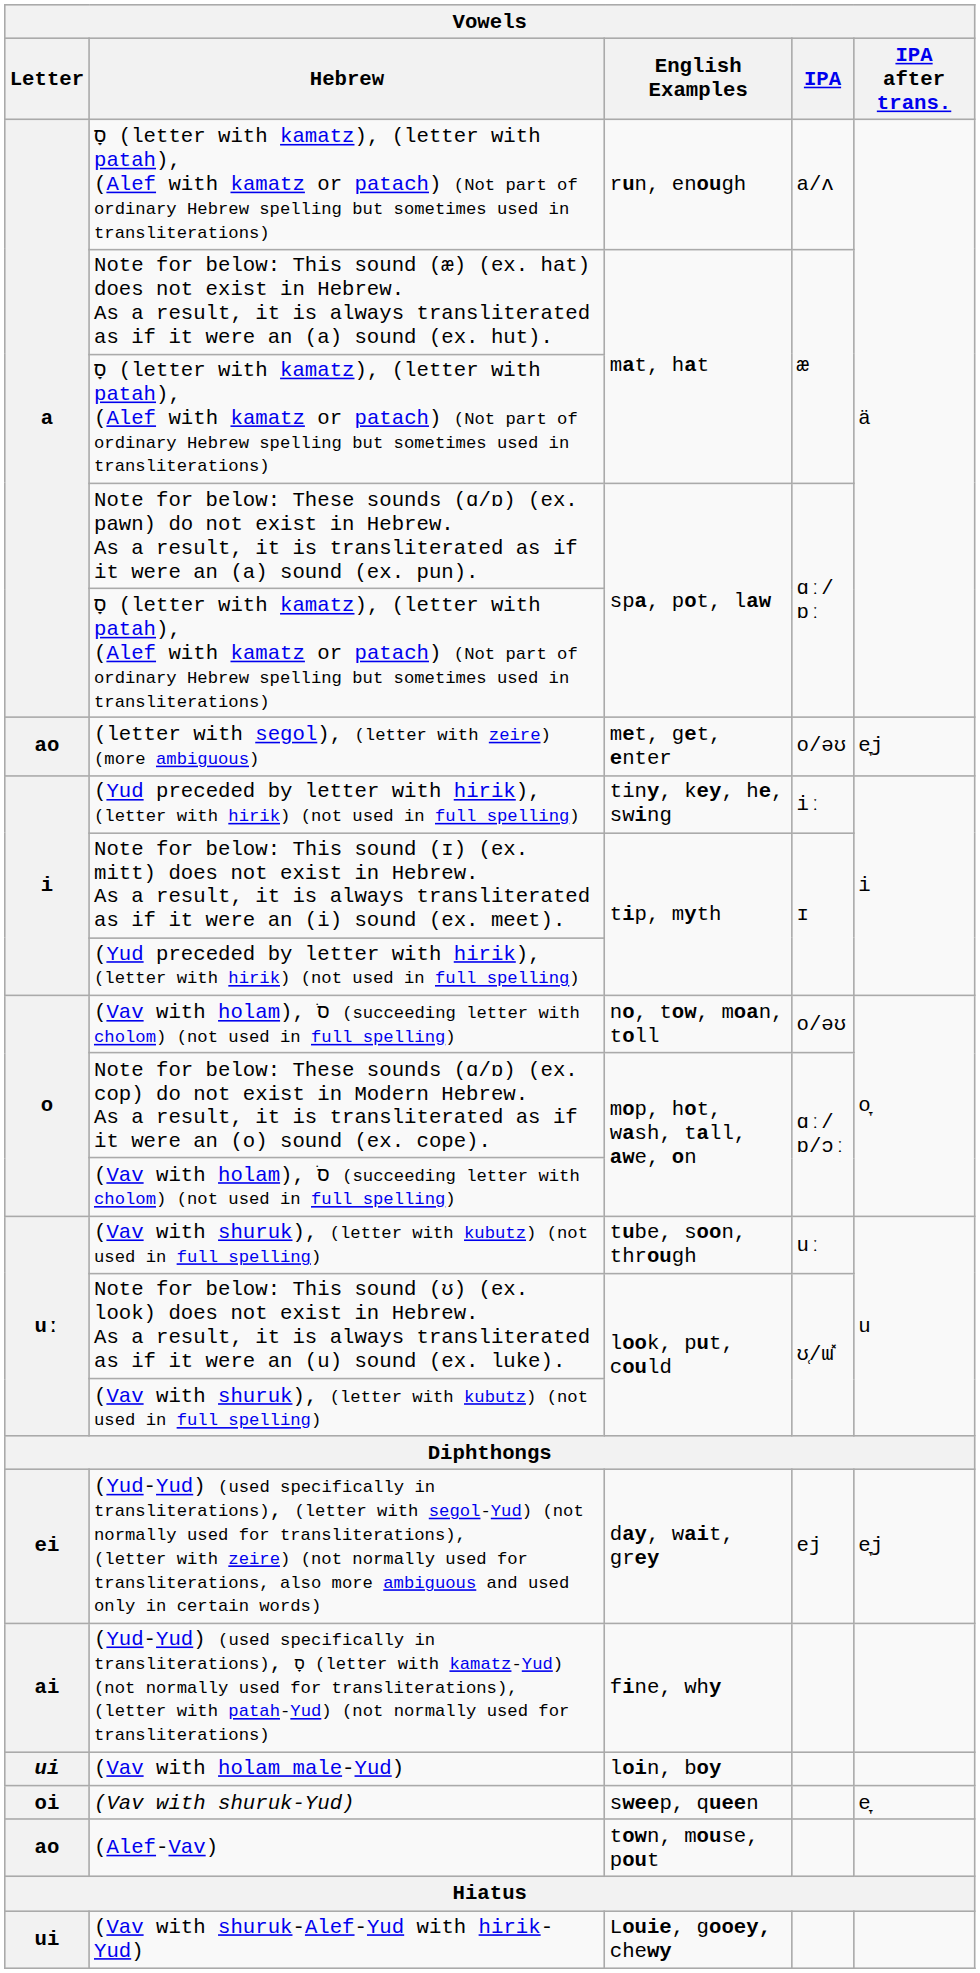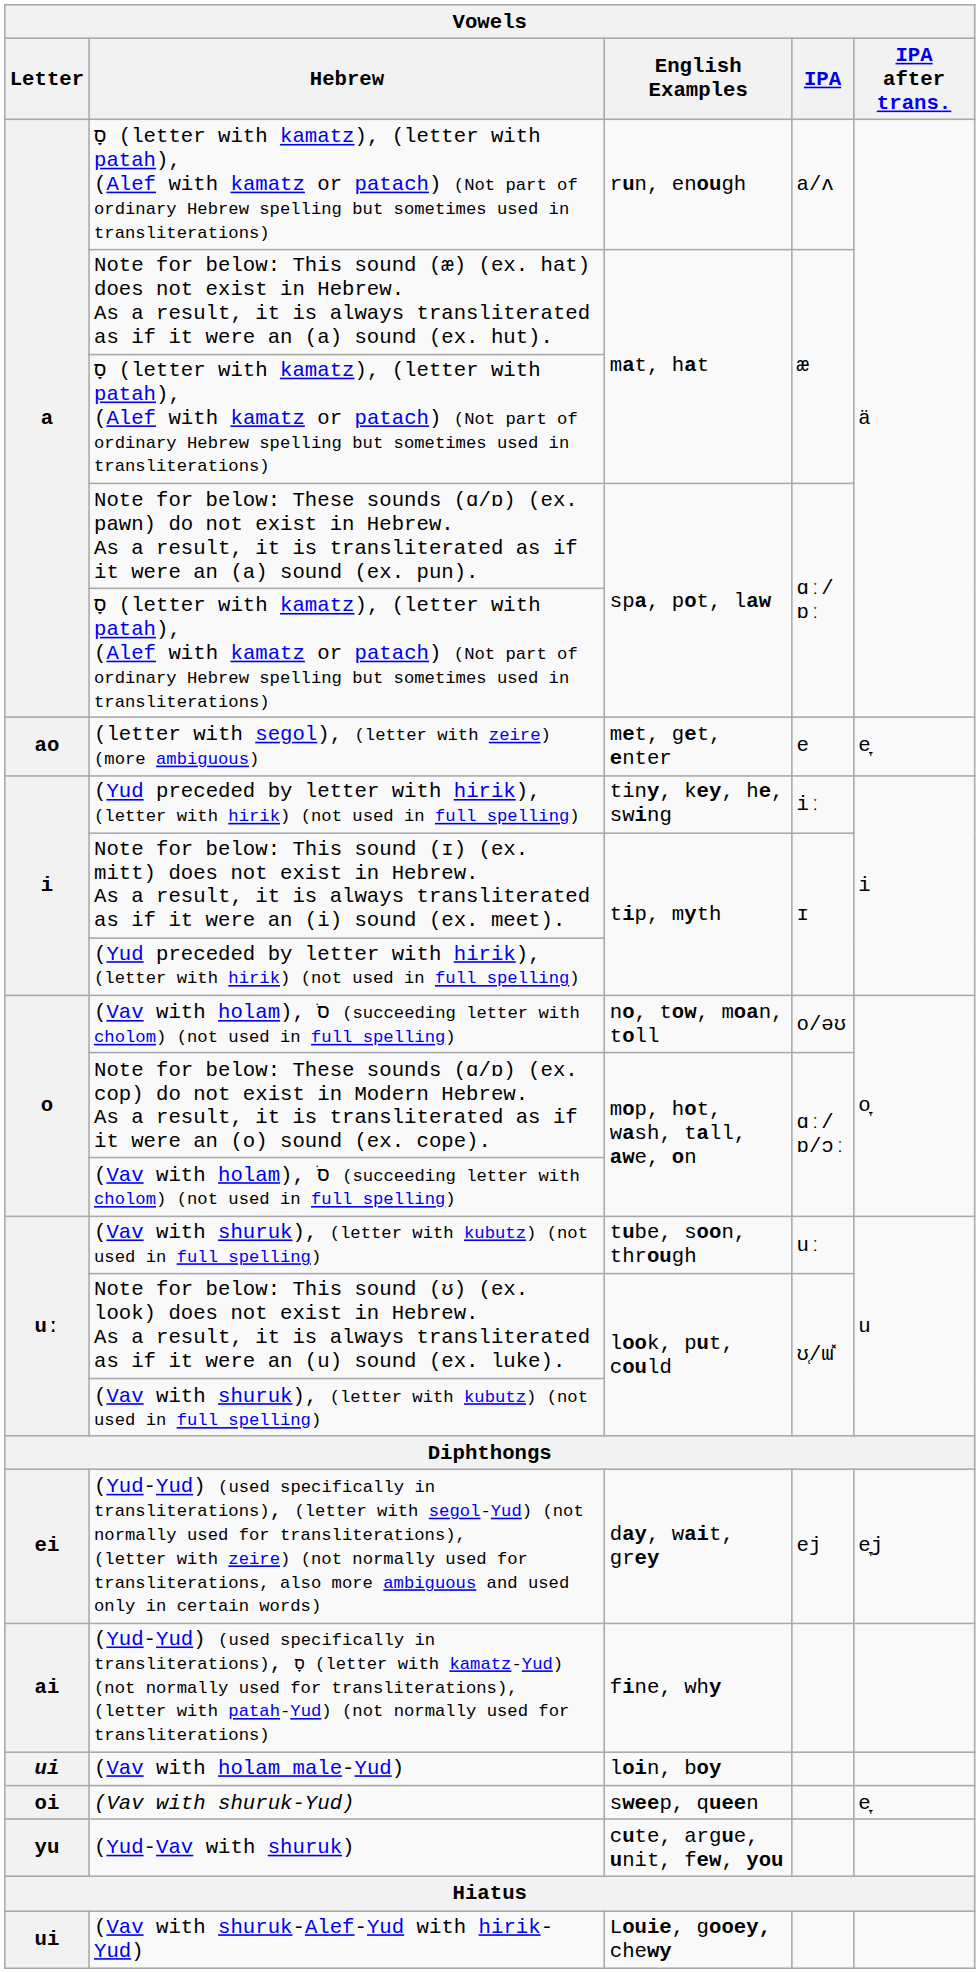 <table class="wikitable">
 <tr>
 <th colspan="5">Vowels</th>
 </tr>
 <tr>
 <th width="0%">Letter</th>
 <th>Hebrew</th>
 <th>English Examples</th>
 <th><a href='#'>IPA</a></th>
 <th><a href='#'>IPA</a> after <a href='#'>trans.</a></th>
 </tr>
 <tr>
 <th ! rowspan="5">a</th>
 <td><span>סָ</span>‎ (letter with <a href='#'>kamatz</a>),   (letter with <a href='#'>patah</a>),<br> (<a href='#'>Alef</a> with <a href='#'>kamatz</a> or <a href='#'>patach</a>) <small>(Not part of ordinary Hebrew spelling but sometimes used in transliterations)</small></td>
 <td>r<strong>u</strong>n, en<strong>ou</strong>gh</td>
 <td>a/ʌ</td>
 <td rowspan="5">ä</td>
 </tr>
 <tr>
 <td>Note for below: This sound (æ) (ex. hat) does not exist in Hebrew.<br>As a result, it is always transliterated as if it were an (a) sound (ex. hut).</td>
 <td rowspan="2">m<strong>a</strong>t, h<strong>a</strong>t</td>
 <td rowspan="2">æ</td>
 </tr>
 <tr>
 <td><span>סָ</span>‎ (letter with <a href='#'>kamatz</a>),   (letter with <a href='#'>patah</a>),<br> (<a href='#'>Alef</a> with <a href='#'>kamatz</a> or <a href='#'>patach</a>) <small>(Not part of ordinary Hebrew spelling but sometimes used in transliterations)</small></td>
 </tr>
 <tr>
 <td>Note for below: These sounds (ɑ/ɒ) (ex. pawn) do not exist in Hebrew.<br>As a result, it is transliterated as if it were an (a) sound (ex. pun).</td>
 <td rowspan="2">sp<strong>a</strong>, p<strong>o</strong>t, l<strong>aw</strong></td>
 <td rowspan="2">ɑː/ɒː</td>
 </tr>
 <tr>
 <td><span>סָ</span>‎ (letter with <a href='#'>kamatz</a>),   (letter with <a href='#'>patah</a>),<br> (<a href='#'>Alef</a> with <a href='#'>kamatz</a> or <a href='#'>patach</a>) <small>(Not part of ordinary Hebrew spelling but sometimes used in transliterations)</small></td>
 </tr>
 <tr>
 <th>ao</th>
 <td> (letter with <a href='#'>segol</a>), <small> (letter with <a href='#'>zeire</a>) (more <a href='#'>ambiguous</a>)</small></td>
 <td>m<strong>e</strong>t, ɡ<strong>e</strong>t, <strong>e</strong>nter</td>
-<td>o/əʊ</td>
-<td>e̞j</td>
+<td>e</td>
+<td>e̞</td>
 </tr>
 <tr>
 <th ! rowspan="3">i</th>
 <td> (<a href='#'>Yud</a> preceded by letter with <a href='#'>hirik</a>), <small> (letter with <a href='#'>hirik</a>) (not used in <a href='#'>full spelling</a>)</small></td>
 <td>tin<strong>y</strong>, k<strong>ey</strong>, h<strong>e</strong>, sw<strong>i</strong>ng</td>
 <td>iː</td>
 <td rowspan="3">i</td>
 </tr>
 <tr>
 <td>Note for below: This sound (ɪ) (ex. mitt) does not exist in Hebrew.<br>As a result, it is always transliterated as if it were an (i) sound (ex. meet).</td>
 <td rowspan="2">t<strong>i</strong>p, m<strong>y</strong>th</td>
 <td rowspan="2">ɪ</td>
 </tr>
 <tr>
 <td>  (<a href='#'>Yud</a> preceded by letter with <a href='#'>hirik</a>), <small> (letter with <a href='#'>hirik</a>) (not used in <a href='#'>full spelling</a>)</small></td>
 </tr>
 <tr>
 <th ! rowspan="3">o</th>
 <td> (<a href='#'>Vav</a> with <a href='#'>holam</a>), <span>סֹ</span> <small> (succeeding letter with <a href='#'>cholom</a>) (not used in <a href='#'>full spelling</a>)</small></td>
 <td>n<strong>o</strong>, t<strong>ow</strong>, m<strong>oa</strong>n, t<strong>o</strong>ll</td>
 <td>o/əʊ</td>
 <td rowspan="3">o̞</td>
 </tr>
 <tr>
 <td>Note for below: These sounds (ɑ/ɒ) (ex. cop) do not exist in Modern Hebrew.<br>As a result, it is transliterated as if it were an (o) sound (ex. cope).</td>
 <td rowspan="2">m<strong>o</strong>p, h<strong>o</strong>t, w<strong>a</strong>sh, t<strong>a</strong>ll, <strong>aw</strong>e, <strong>o</strong>n</td>
 <td rowspan="2">ɑː/ɒ/ɔː</td>
 </tr>
 <tr>
 <td> (<a href='#'>Vav</a> with <a href='#'>holam</a>), <span>סֹ</span> <small> (succeeding letter with <a href='#'>cholom</a>) (not used in <a href='#'>full spelling</a>)</small></td>
 </tr>
 <tr>
 <th ! rowspan="3">uː</th>
 <td> (<a href='#'>Vav</a> with <a href='#'>shuruk</a>), <small> (letter with <a href='#'>kubutz</a>) (not used in <a href='#'>full spelling</a>)</small></td>
 <td>t<strong>u</strong>be, s<strong>oo</strong>n, thr<strong>ou</strong>gh</td>
 <td>uː</td>
 <td rowspan="3">u</td>
 </tr>
 <tr>
 <td>Note for below: This sound (ʊ) (ex. look) does not exist in Hebrew.<br>As a result, it is always transliterated as if it were an (u) sound (ex. luke).</td>
 <td rowspan="2">l<strong>oo</strong>k, p<strong>u</strong>t, c<strong>ou</strong>ld</td>
 <td rowspan="2">ʊ̜/ɯ̽</td>
 </tr>
 <tr>
 <td> (<a href='#'>Vav</a> with <a href='#'>shuruk</a>), <small> (letter with <a href='#'>kubutz</a>) (not used in <a href='#'>full spelling</a>)</small></td>
 </tr>
 <tr>
 <th colspan="5">Diphthongs</th>
 </tr>
 <tr>
 <th>ei</th>
 <td> (<a href='#'>Yud</a>-<a href='#'>Yud</a>) <small>(used specifically in transliterations)</small>, <small> (letter with <a href='#'>segol</a>-<a href='#'>Yud</a>) (not normally used for transliterations),<br> (letter with <a href='#'>zeire</a>) (not normally used for transliterations, also more <a href='#'>ambiguous</a> and used only in certain words)</small></td>
 <td>d<strong>ay</strong>, w<strong>ai</strong>t, gr<strong>ey</strong></td>
 <td>ej</td>
 <td>e̞j</td>
 </tr>
 <tr>
 <th>ai</th>
 <td> (<a href='#'>Yud</a>-<a href='#'>Yud</a>) <small>(used specifically in transliterations)</small>, <small><span>סָ</span> (letter with <a href='#'>kamatz</a>-<a href='#'>Yud</a>) (not normally used for transliterations),<br> (letter with <a href='#'>patah</a>-<a href='#'>Yud</a>) (not normally used for transliterations)</small></td>
 <td>f<strong>i</strong>ne, wh<strong>y</strong></td>
 <td></td>
 <td></td>
 </tr>
 <tr>
 <th><span><em>ui</em></span></th>
 <td> (<a href='#'>Vav</a> with <a href='#'>holam male</a>-<a href='#'>Yud</a>)</td>
 <td>l<strong>oi</strong>n, b<strong>oy</strong></td>
 <td></td>
 <td></td>
 </tr>
 <tr>
 <th>oi</th>
 <td><span><em> (Vav with shuruk-Yud)</em></span></td>
 <td>s<strong>wee</strong>p, q<strong>uee</strong>n</td>
 <td><span><em></em></span></td>
 <td>e̞</td>
 </tr>
 <tr>
-<th>ao</th>
-<td> (<a href='#'>Alef</a>-<a href='#'>Vav</a>)</td>
-<td>t<strong>ow</strong>n, m<strong>ou</strong>se, p<strong>ou</strong>t</td>
+<th>yu</th>
+<td> (<a href='#'>Yud</a>-<a href='#'>Vav</a> with <a href='#'>shuruk</a>)</td>
+<td>c<strong>u</strong>te, arɡ<strong>u</strong>e, <strong>u</strong>nit, f<strong>ew</strong>, <strong>you</strong></td>
 <td></td>
 <td></td>
 </tr>
 <tr>
 <th colspan="5">Hiatus</th>
 </tr>
 <tr>
 <th>ui</th>
 <td> (<a href='#'>Vav</a> with <a href='#'>shuruk</a>-<a href='#'>Alef</a>-<a href='#'>Yud</a> with <a href='#'>hirik</a>-<a href='#'>Yud</a>)</td>
 <td>L<strong>ouie</strong>, g<strong>ooey,</strong> che<strong>wy</strong></td>
 <td></td>
 <td></td>
 </tr>
 <tr>
 </tr>
 </table>
